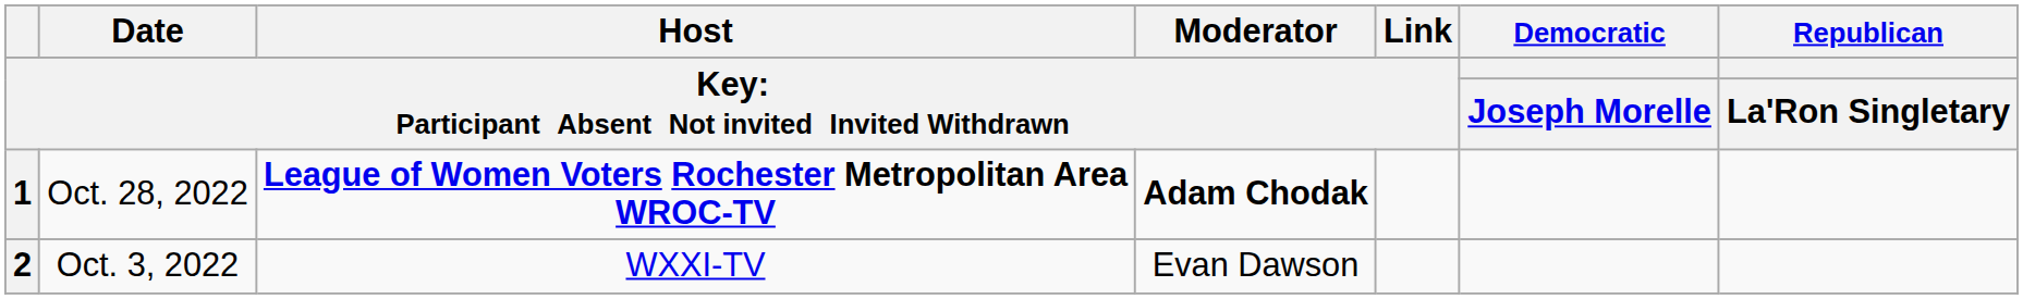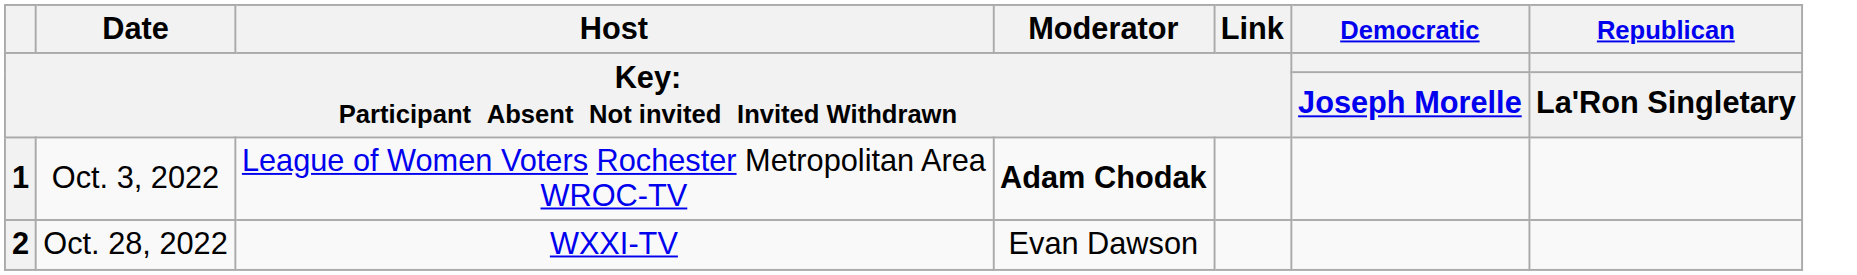 <table class="wikitable" style="text-align:center;">
 <tr>
 <th scope="col"></th>
 <th scope="col">Date</th>
 <th scope="col">Host</th>
 <th scope="col">Moderator</th>
 <th scope="col">Link</th>
 <th scope="col"><small><a href='#'>Democratic</a></small></th>
 <th scope="col"><small><a href='#'>Republican</a></small></th>
 </tr>
 <tr>
 <th colspan="5" rowspan="2">Key:<br> <small>Participant </small>  <small>Absent </small>  <small>Not invited </small>  <small>Invited  Withdrawn</small></th>
 <th scope="col" style="background:"></th>
 <th scope="col" style="background:"></th>
 </tr>
 <tr>
 <th scope="col"><a href='#'>Joseph Morelle</a></th>
 <th scope="col">La'Ron Singletary</th>
 </tr>
 <tr>
 <th>1</th>
-<td style="white-space:nowrap;">Oct. 28, 2022</td>
-<td style="white-space:nowrap;"><strong><a href='#'>League of Women Voters</a> <a href='#'>Rochester</a> Metropolitan Area<br><a href='#'>WROC-TV</a></strong></td>
+<td style="white-space:nowrap;">Oct. 3, 2022</td>
+<td style="white-space:nowrap;"><a href='#'>League of Women Voters</a> <a href='#'>Rochester</a> Metropolitan Area<br><a href='#'>WROC-TV</a></td>
 <td style="white-space:nowrap;"><strong>Adam Chodak</strong></td>
 <td style="white-space:nowrap;"></td>
 <td></td>
 <td></td>
 </tr>
 <tr>
 <th>2</th>
-<td style="white-space:nowrap;">Oct. 3, 2022</td>
+<td style="white-space:nowrap;">Oct. 28, 2022</td>
 <td style="white-space:nowrap;"><a href='#'>WXXI-TV</a></td>
 <td style="white-space:nowrap;">Evan Dawson</td>
 <td style="white-space:nowrap;"></td>
 <td></td>
 <td></td>
 </tr>
 </table>
